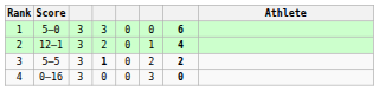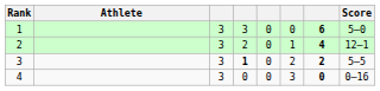 <table class="wikitable" style="text-align: center;">
 <tr>
 <th width=25>Rank</th>
-<th width=40>Score</th>
+<th width=225>Athlete</th>
 <th width=25></th>
 <th width=25></th>
 <th width=25></th>
 <th width=25></th>
 <th width=40></th>
-<th width=225>Athlete</th>
+<th width=40>Score</th>
 </tr>
 <tr bgcolor=ccffcc>
 <td>1</td>
-<td>5–0</td>
+<td align=left></td>
 <td>3</td>
 <td>3</td>
 <td>0</td>
 <td>0</td>
 <td><strong>6</strong></td>
-<td align=left></td>
+<td>5–0</td>
 </tr>
 <tr bgcolor=ccffcc>
 <td>2</td>
-<td>12–1</td>
+<td align=left></td>
 <td>3</td>
 <td>2</td>
 <td>0</td>
 <td>1</td>
 <td><strong>4</strong></td>
-<td align=left></td>
+<td>12–1</td>
 </tr>
 <tr>
 <td>3</td>
-<td>5–5</td>
+<td align=left></td>
 <td>3</td>
 <td><strong>1</strong></td>
 <td>0</td>
 <td>2</td>
 <td><strong>2</strong></td>
-<td align=left></td>
+<td>5–5</td>
 </tr>
 <tr>
 <td>4</td>
-<td>0–16</td>
+<td align=left></td>
 <td>3</td>
 <td>0</td>
 <td>0</td>
 <td>3</td>
 <td><strong>0</strong></td>
-<td align=left></td>
+<td>0–16</td>
 </tr>
 </table>
